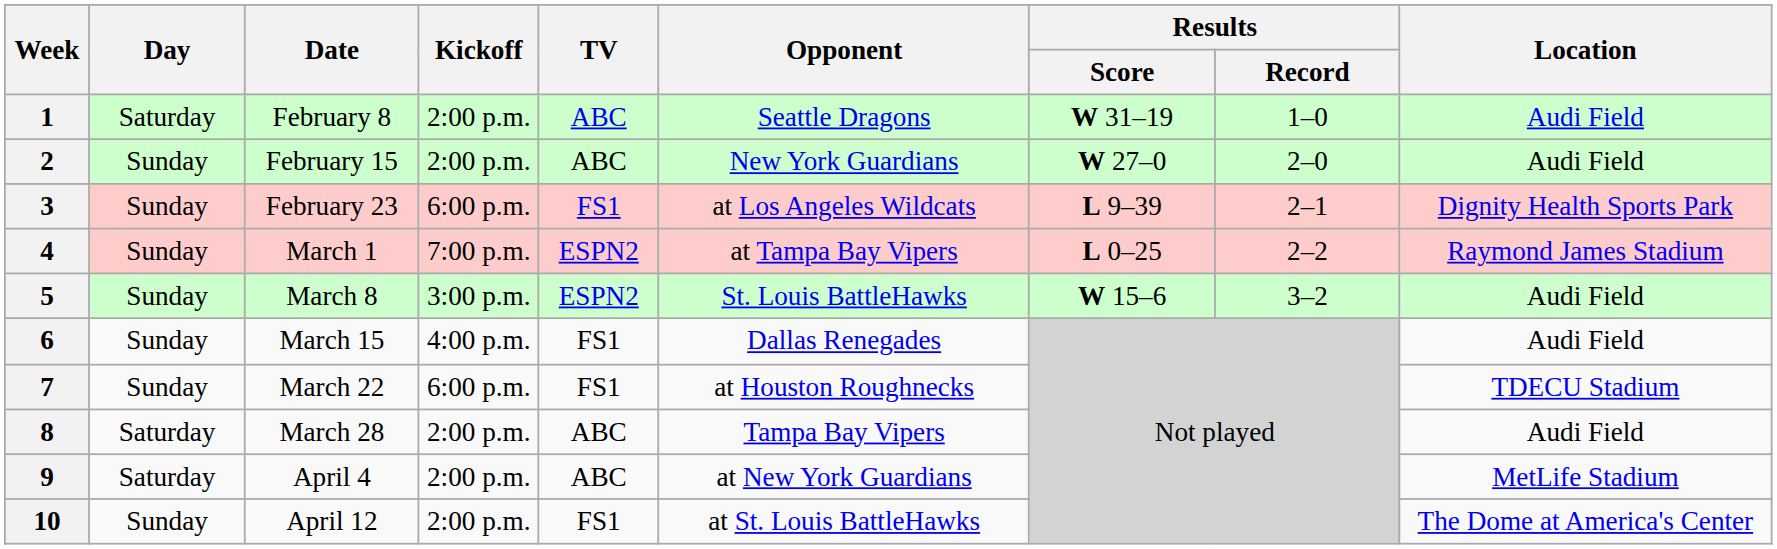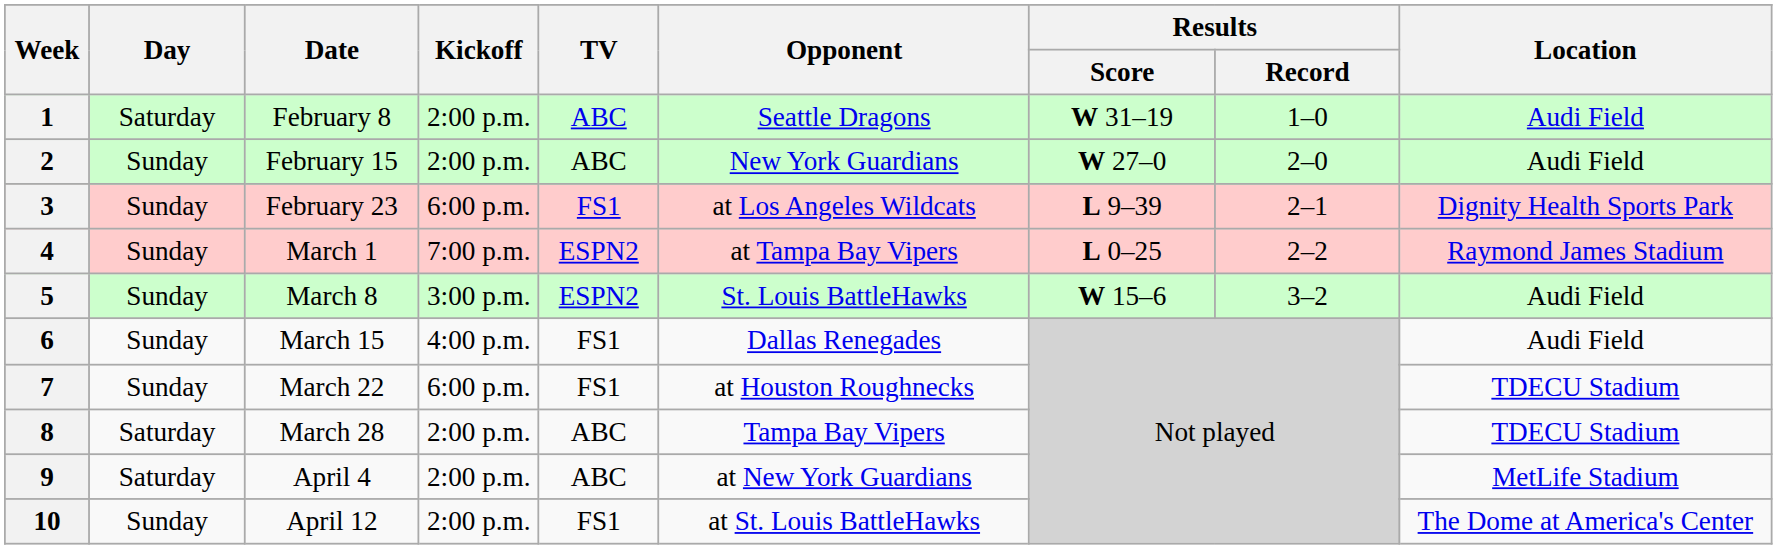 <table class="wikitable" style="text-align:center; font-size: 95%;">
 <tr>
 <th rowspan="2" width="40">Week</th>
 <th rowspan="2" width="80">Day</th>
 <th rowspan="2" width="90">Date</th>
 <th rowspan="2" width="60">Kickoff</th>
 <th rowspan="2" width="60">TV</th>
 <th rowspan="2" width="200">Opponent</th>
 <th colspan="2" width="200">Results</th>
 <th rowspan="2" width="200">Location</th>
 </tr>
 <tr>
 <th width="60">Score</th>
 <th width="60">Record</th>
 </tr>
 <tr bgcolor=#ccffcc>
 <th>1</th>
 <td>Saturday</td>
 <td>February 8</td>
 <td>2:00 p.m.</td>
 <td><a href='#'>ABC</a></td>
 <td><a href='#'>Seattle Dragons</a></td>
 <td><strong>W</strong> 31–19</td>
 <td>1–0</td>
 <td><a href='#'>Audi Field</a></td>
 </tr>
 <tr bgcolor=#ccffcc>
 <th>2</th>
 <td>Sunday</td>
 <td>February 15</td>
 <td>2:00 p.m.</td>
 <td>ABC</td>
 <td><a href='#'>New York Guardians</a></td>
 <td><strong>W</strong> 27–0</td>
 <td>2–0</td>
 <td>Audi Field</td>
 </tr>
 <tr bgcolor=#ffcccc>
 <th>3</th>
 <td>Sunday</td>
 <td>February 23</td>
 <td>6:00 p.m.</td>
 <td><a href='#'>FS1</a></td>
 <td>at <a href='#'>Los Angeles Wildcats</a></td>
 <td><strong>L</strong> 9–39</td>
 <td>2–1</td>
 <td><a href='#'>Dignity Health Sports Park</a></td>
 </tr>
 <tr bgcolor=#ffcccc>
 <th>4</th>
 <td>Sunday</td>
 <td>March 1</td>
 <td>7:00 p.m.</td>
 <td><a href='#'>ESPN2</a></td>
 <td>at <a href='#'>Tampa Bay Vipers</a></td>
 <td><strong>L</strong> 0–25</td>
 <td>2–2</td>
 <td><a href='#'>Raymond James Stadium</a></td>
 </tr>
 <tr bgcolor=#ccffcc>
 <th>5</th>
 <td>Sunday</td>
 <td>March 8</td>
 <td>3:00 p.m.</td>
 <td><a href='#'>ESPN2</a></td>
 <td><a href='#'>St. Louis BattleHawks</a></td>
 <td><strong>W</strong> 15–6</td>
 <td>3–2</td>
 <td>Audi Field</td>
 </tr>
 <tr bgcolor=>
 <th>6</th>
 <td>Sunday</td>
 <td>March 15</td>
 <td>4:00 p.m.</td>
 <td>FS1</td>
 <td><a href='#'>Dallas Renegades</a></td>
 <td colspan=2 rowspan=5 bgcolor=lightgrey>Not played</td>
 <td>Audi Field</td>
 </tr>
 <tr bgcolor=>
 <th>7</th>
 <td>Sunday</td>
 <td>March 22</td>
 <td>6:00 p.m.</td>
 <td>FS1</td>
 <td>at <a href='#'>Houston Roughnecks</a></td>
 <td><a href='#'>TDECU Stadium</a></td>
 </tr>
 <tr bgcolor=>
 <th>8</th>
 <td>Saturday</td>
 <td>March 28</td>
 <td>2:00 p.m.</td>
 <td>ABC</td>
 <td><a href='#'>Tampa Bay Vipers</a></td>
-<td>Audi Field</td>
+<td><a href='#'>TDECU Stadium</a></td>
 </tr>
 <tr bgcolor=>
 <th>9</th>
 <td>Saturday</td>
 <td>April 4</td>
 <td>2:00 p.m.</td>
 <td>ABC</td>
 <td>at <a href='#'>New York Guardians</a></td>
 <td><a href='#'>MetLife Stadium</a></td>
 </tr>
 <tr bgcolor=>
 <th>10</th>
 <td>Sunday</td>
 <td>April 12</td>
 <td>2:00 p.m.</td>
 <td>FS1</td>
 <td>at <a href='#'>St. Louis BattleHawks</a></td>
 <td><a href='#'>The Dome at America's Center</a></td>
 </tr>
 </table>
